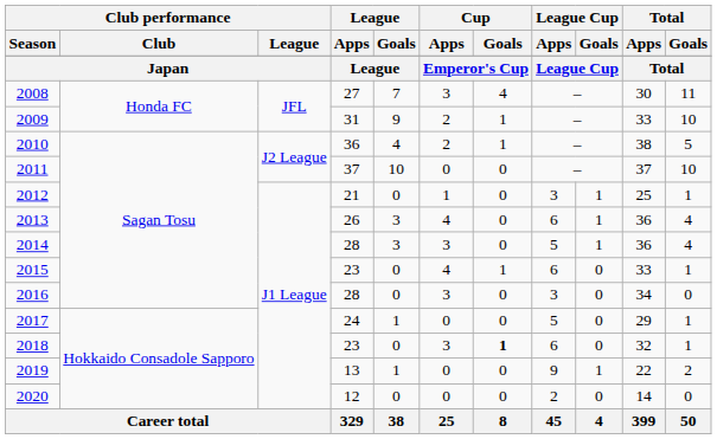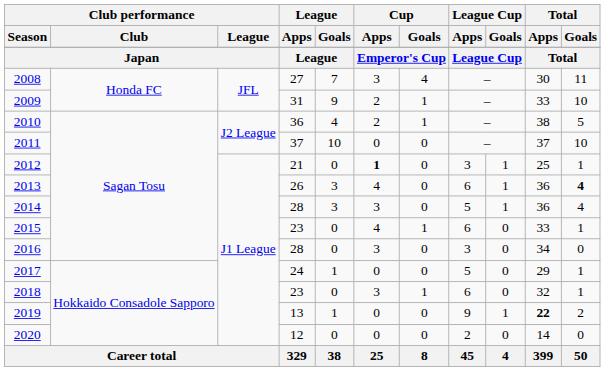 <table class="wikitable" style="text-align:center">
 <tr>
 <th colspan=3>Club performance</th>
 <th colspan=2>League</th>
 <th colspan=2>Cup</th>
 <th colspan=2>League Cup</th>
 <th colspan=2>Total</th>
 </tr>
 <tr>
 <th>Season</th>
 <th>Club</th>
 <th>League</th>
 <th>Apps</th>
 <th>Goals</th>
 <th>Apps</th>
 <th>Goals</th>
 <th>Apps</th>
 <th>Goals</th>
 <th>Apps</th>
 <th>Goals</th>
 </tr>
 <tr>
 </tr>
 <tr>
 <th colspan=3>Japan</th>
 <th colspan=2>League</th>
 <th colspan=2><a href='#'>Emperor's Cup</a></th>
 <th colspan=2><a href='#'>League Cup</a></th>
 <th colspan=2>Total</th>
 </tr>
 <tr>
 <td><a href='#'>2008</a></td>
 <td rowspan="2"><a href='#'>Honda FC</a></td>
 <td rowspan="2"><a href='#'>JFL</a></td>
 <td>27</td>
 <td>7</td>
 <td>3</td>
 <td>4</td>
 <td colspan="2">–</td>
 <td>30</td>
 <td>11</td>
 </tr>
 <tr>
 <td><a href='#'>2009</a></td>
 <td>31</td>
 <td>9</td>
 <td>2</td>
 <td>1</td>
 <td colspan="2">–</td>
 <td>33</td>
 <td>10</td>
 </tr>
 <tr>
 <td><a href='#'>2010</a></td>
 <td rowspan="7"><a href='#'>Sagan Tosu</a></td>
 <td rowspan="2"><a href='#'>J2 League</a></td>
 <td>36</td>
 <td>4</td>
 <td>2</td>
 <td>1</td>
 <td colspan="2">–</td>
 <td>38</td>
 <td>5</td>
 </tr>
 <tr>
 <td><a href='#'>2011</a></td>
 <td>37</td>
 <td>10</td>
 <td>0</td>
 <td>0</td>
 <td colspan="2">–</td>
 <td>37</td>
 <td>10</td>
 </tr>
 <tr>
 <td><a href='#'>2012</a></td>
 <td rowspan="9"><a href='#'>J1 League</a></td>
 <td>21</td>
 <td>0</td>
-<td>1</td>
+<td><strong>1</strong></td>
 <td>0</td>
 <td>3</td>
 <td>1</td>
 <td>25</td>
 <td>1</td>
 </tr>
 <tr>
 <td><a href='#'>2013</a></td>
 <td>26</td>
 <td>3</td>
 <td>4</td>
 <td>0</td>
 <td>6</td>
 <td>1</td>
 <td>36</td>
-<td>4</td>
+<td><strong>4</strong></td>
 </tr>
 <tr>
 <td><a href='#'>2014</a></td>
 <td>28</td>
 <td>3</td>
 <td>3</td>
 <td>0</td>
 <td>5</td>
 <td>1</td>
 <td>36</td>
 <td>4</td>
 </tr>
 <tr>
 <td><a href='#'>2015</a></td>
 <td>23</td>
 <td>0</td>
 <td>4</td>
 <td>1</td>
 <td>6</td>
 <td>0</td>
 <td>33</td>
 <td>1</td>
 </tr>
 <tr>
 <td><a href='#'>2016</a></td>
 <td>28</td>
 <td>0</td>
 <td>3</td>
 <td>0</td>
 <td>3</td>
 <td>0</td>
 <td>34</td>
 <td>0</td>
 </tr>
 <tr>
 <td><a href='#'>2017</a></td>
 <td rowspan="4"><a href='#'>Hokkaido Consadole Sapporo</a></td>
 <td>24</td>
 <td>1</td>
 <td>0</td>
 <td>0</td>
 <td>5</td>
 <td>0</td>
 <td>29</td>
 <td>1</td>
 </tr>
 <tr>
 <td><a href='#'>2018</a></td>
 <td>23</td>
 <td>0</td>
 <td>3</td>
-<td><strong>1</strong></td>
+<td>1</td>
 <td>6</td>
 <td>0</td>
 <td>32</td>
 <td>1</td>
 </tr>
 <tr>
 <td><a href='#'>2019</a></td>
 <td>13</td>
 <td>1</td>
 <td>0</td>
 <td>0</td>
 <td>9</td>
 <td>1</td>
-<td>22</td>
+<td><strong>22</strong></td>
 <td>2</td>
 </tr>
 <tr>
 <td><a href='#'>2020</a></td>
 <td>12</td>
 <td>0</td>
 <td>0</td>
 <td>0</td>
 <td>2</td>
 <td>0</td>
 <td>14</td>
 <td>0</td>
 </tr>
 <tr>
 <th colspan=3>Career total</th>
 <th>329</th>
 <th>38</th>
 <th>25</th>
 <th>8</th>
 <th>45</th>
 <th>4</th>
 <th>399</th>
 <th>50</th>
 </tr>
 </table>
